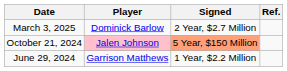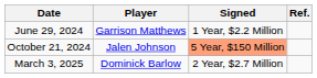 <table class="wikitable sortable sortable" style="text-align: center">
 <tr>
 <th>Date</th>
 <th>Player</th>
 <th>Signed</th>
 <th>Ref.</th>
 </tr>
 <tr>
+<td>June 29, 2024</td>
+<td><a href='#'>Garrison Matthews</a></td>
+<td>1 Year, $2.2 Million</td>
+<td></td>
+</tr>
+<tr>
+<td>October 21, 2024</td>
+<td><a href='#'>Jalen Johnson</a></td>
+<td style="background: lightsalmon;">5 Year, $150 Million</td>
+<td></td>
+</tr>
+<tr>
 <td>March 3, 2025</td>
 <td><a href='#'>Dominick Barlow</a></td>
 <td>2 Year, $2.7 Million</td>
 <td></td>
 </tr>
-<tr>
-<td>October 21, 2024</td>
-<td style="background: pink;"><a href='#'>Jalen Johnson</a></td>
-<td style="background: lightsalmon;">5 Year, $150 Million</td>
-<td></td>
-</tr>
-<tr>
-<td>June 29, 2024</td>
-<td><a href='#'>Garrison Matthews</a></td>
-<td>1 Year, $2.2 Million</td>
-<td></td>
-</tr>
 </table>
